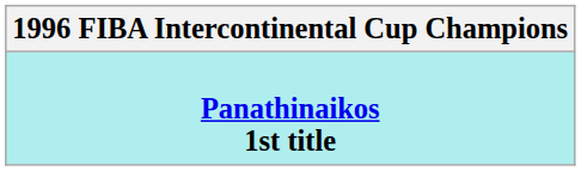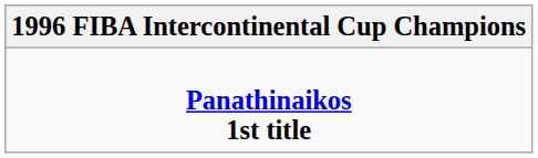 <table class=wikitable style="text-align:center; margin:auto">
 <tr>
 <th>1996 FIBA Intercontinental Cup Champions</th>
 </tr>
 <tr>
-<td style="background: paleturquoise;"><br> <strong><a href='#'>Panathinaikos</a></strong> <br> <strong>1st title</strong></td>
+<td><br> <strong><a href='#'>Panathinaikos</a></strong> <br> <strong>1st title</strong></td>
 </tr>
 </table>
